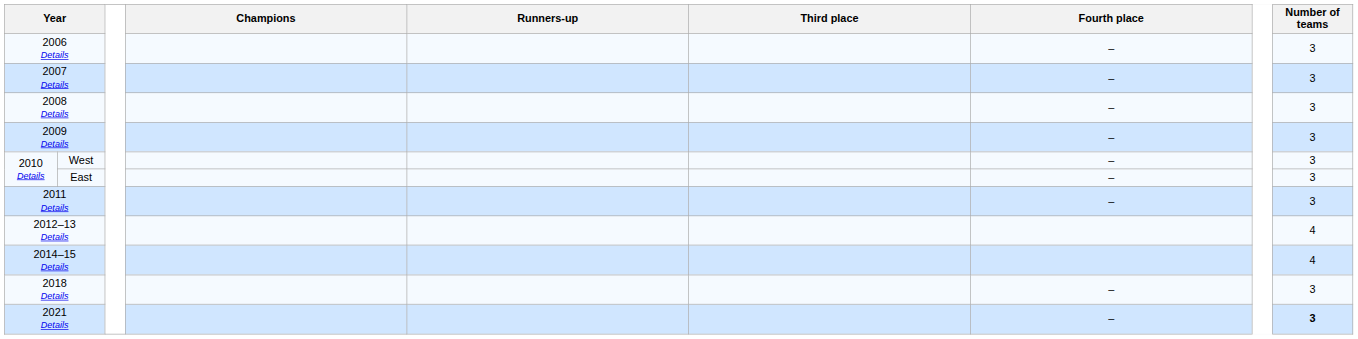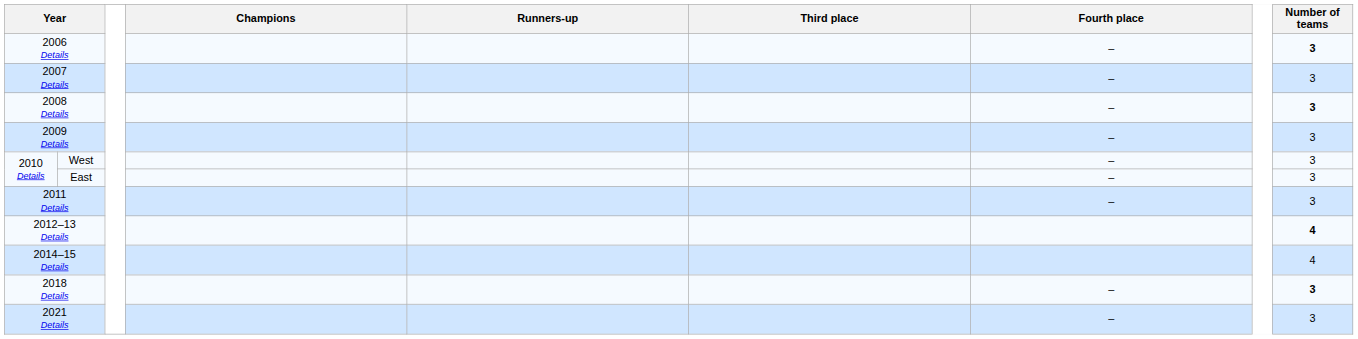 <table class="wikitable" style="text-align:center;width:100%">
 <tr>
 <th colspan=2 width=5%>Year</th>
 <th rowspan="25" style="width:1%;background:#fff"></th>
 <th width=14%>Champions</th>
 <th width=14%>Runners-up</th>
 <th width=14%>Third place</th>
 <th width=14%>Fourth place</th>
 <td width="1%" rowspan=19 style="background-color:#ffffff;border-top-style:hidden;border-bottom-style:hidden;"></td>
 <th rowspan="1" width="4%">Number of teams</th>
 </tr>
 <tr style="background:#F5FAFF;">
 <td colspan=2>2006<br><small><em><a href='#'>Details</a></em></small></td>
 <td><strong></strong></td>
 <td></td>
 <td></td>
 <td>–</td>
-<td>3</td>
+<td><strong>3</strong></td>
 </tr>
 <tr style="background: #D0E6FF;">
 <td colspan=2>2007<br><small><em><a href='#'>Details</a></em></small></td>
 <td><strong></strong></td>
 <td></td>
 <td></td>
 <td>–</td>
 <td>3</td>
 </tr>
 <tr style="background:#F5FAFF;">
 <td colspan=2>2008<br><small><em><a href='#'>Details</a></em></small></td>
 <td><strong></strong></td>
 <td></td>
 <td></td>
 <td>–</td>
-<td>3</td>
+<td><strong>3</strong></td>
 </tr>
 <tr style="background: #D0E6FF;">
 <td colspan=2>2009<br><small><em><a href='#'>Details</a></em></small></td>
 <td><strong></strong></td>
 <td></td>
 <td></td>
 <td>–</td>
 <td>3</td>
 </tr>
 <tr style="background:#F5FAFF;">
 <td rowspan=2>2010<br><small><em><a href='#'>Details</a></em></small></td>
 <td>West</td>
 <td><strong></strong></td>
 <td></td>
 <td></td>
 <td>–</td>
 <td>3</td>
 </tr>
 <tr style="background:#F5FAFF;">
 <td>East</td>
 <td><strong></strong></td>
 <td></td>
 <td></td>
 <td>–</td>
 <td>3</td>
 </tr>
 <tr style="background: #D0E6FF;">
 <td colspan=2>2011<br><small><em><a href='#'>Details</a></em></small></td>
 <td><strong></strong></td>
 <td></td>
 <td></td>
 <td>–</td>
 <td>3</td>
 </tr>
 <tr style="background:#F5FAFF;">
 <td colspan=2>2012–13<br><small><em><a href='#'>Details</a></em></small></td>
 <td><strong></strong></td>
 <td></td>
 <td></td>
 <td></td>
-<td>4</td>
+<td><strong>4</strong></td>
 </tr>
 <tr style="background: #D0E6FF;">
 <td colspan=2>2014–15<br><small><em><a href='#'>Details</a></em></small></td>
 <td><strong></strong></td>
 <td></td>
 <td></td>
 <td></td>
 <td>4</td>
 </tr>
 <tr style="background:#F5FAFF;">
 <td colspan=2>2018<br><small><em><a href='#'>Details</a></em></small></td>
 <td><strong></strong></td>
 <td></td>
 <td></td>
 <td>–</td>
-<td>3</td>
+<td><strong>3</strong></td>
 </tr>
 <tr style="background: #D0E6FF;">
 <td colspan=2>2021<br><small><em><a href='#'>Details</a></em></small></td>
 <td><strong></strong></td>
 <td></td>
 <td></td>
 <td>–</td>
-<td><strong>3</strong></td>
+<td>3</td>
 </tr>
 </table>
